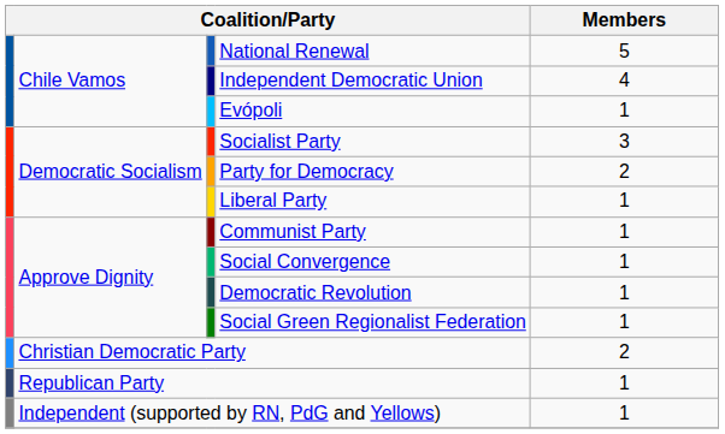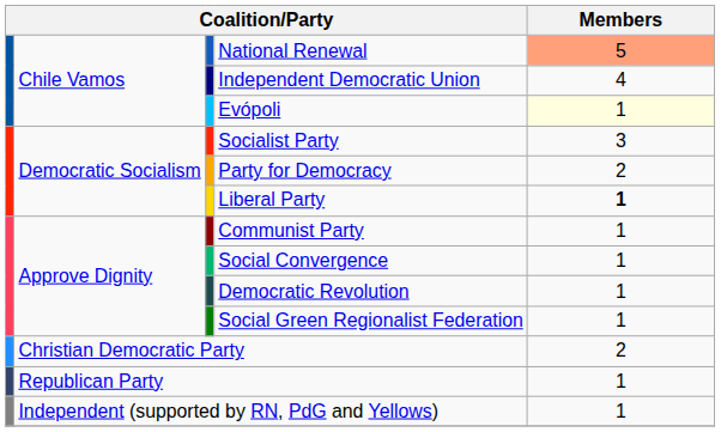 <table class="wikitable centre">
 <tr>
 <th colspan="4">Coalition/Party</th>
 <th width="150px">Members</th>
 </tr>
 <tr>
 <td rowspan="3" bgcolor="#0054A0"></td>
 <td rowspan="3"> <a href='#'>Chile Vamos</a></td>
 <td bgcolor="#135BB8"></td>
 <td><a href='#'>National Renewal</a></td>
-<td align="center">5</td>
+<td align="center" style="background: lightsalmon;">5</td>
 </tr>
 <tr>
 <td bgcolor="#000080"></td>
 <td><a href='#'>Independent Democratic Union</a></td>
 <td align="center">4</td>
 </tr>
 <tr>
 <td bgcolor="#00BFFF"></td>
 <td><a href='#'>Evópoli</a></td>
-<td align="center">1</td>
+<td align="center" style="background: lightyellow;">1</td>
 </tr>
 <tr>
 <td rowspan="3" bgcolor="#FF2400"></td>
 <td rowspan="3"> <a href='#'>Democratic Socialism</a></td>
 <td bgcolor="#FF2400"></td>
 <td><a href='#'>Socialist Party</a></td>
 <td align="center">3</td>
 </tr>
 <tr>
 <td bgcolor="#FFA500"></td>
 <td><a href='#'>Party for Democracy</a></td>
 <td align="center">2</td>
 </tr>
 <tr>
 <td bgcolor="#FFD700"></td>
 <td><a href='#'>Liberal Party</a></td>
-<td align="center">1</td>
+<td align="center"><strong>1</strong></td>
 </tr>
 <tr>
 <td rowspan="4" bgcolor="#FC415C"></td>
 <td rowspan="4"> <a href='#'>Approve Dignity</a></td>
 <td bgcolor="#8B0000"></td>
 <td><a href='#'>Communist Party</a></td>
 <td align="center">1</td>
 </tr>
 <tr>
 <td bgcolor="#00B771"></td>
 <td><a href='#'>Social Convergence</a></td>
 <td align="center">1</td>
 </tr>
 <tr>
 <td bgcolor="#1D4C4F"></td>
 <td><a href='#'>Democratic Revolution</a></td>
 <td align="center">1</td>
 </tr>
 <tr>
 <td bgcolor="#008000"></td>
 <td><a href='#'>Social Green Regionalist Federation</a></td>
 <td align="center">1</td>
 </tr>
 <tr>
 <td bgcolor="#1E90FF"></td>
 <td colspan="3"> <a href='#'>Christian Democratic Party</a></td>
 <td align="center">2</td>
 </tr>
 <tr>
 <td bgcolor="#31446C"></td>
 <td colspan="3"> <a href='#'>Republican Party</a></td>
 <td align="center">1</td>
 </tr>
 <tr>
 <td bgcolor="#808080"></td>
 <td colspan="3"><a href='#'>Independent</a> (supported by <a href='#'>RN</a>, <a href='#'>PdG</a> and <a href='#'>Yellows</a>)</td>
 <td align="center">1</td>
 </tr>
 <tr>
 </tr>
 </table>
